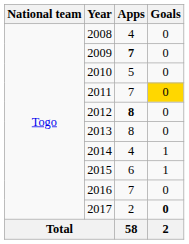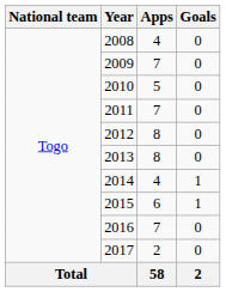 <table class="wikitable" style="text-align:center">
 <tr>
 <th>National team</th>
 <th>Year</th>
 <th>Apps</th>
 <th>Goals</th>
 </tr>
 <tr>
 <td rowspan="10"><a href='#'>Togo</a></td>
 <td>2008</td>
 <td>4</td>
 <td>0</td>
 </tr>
 <tr>
 <td>2009</td>
-<td><strong>7</strong></td>
+<td>7</td>
 <td>0</td>
 </tr>
 <tr>
 <td>2010</td>
 <td>5</td>
 <td>0</td>
 </tr>
 <tr>
 <td>2011</td>
 <td>7</td>
-<td style="background: gold;">0</td>
+<td>0</td>
 </tr>
 <tr>
 <td>2012</td>
-<td><strong>8</strong></td>
+<td>8</td>
 <td>0</td>
 </tr>
 <tr>
 <td>2013</td>
 <td>8</td>
 <td>0</td>
 </tr>
 <tr>
 <td>2014</td>
 <td>4</td>
 <td>1</td>
 </tr>
 <tr>
 <td>2015</td>
 <td>6</td>
 <td>1</td>
 </tr>
 <tr>
 <td>2016</td>
 <td>7</td>
 <td>0</td>
 </tr>
 <tr>
 <td>2017</td>
 <td>2</td>
-<td><strong>0</strong></td>
+<td>0</td>
 </tr>
 <tr>
 <th colspan="2">Total</th>
 <th>58</th>
 <th>2</th>
 </tr>
 </table>
